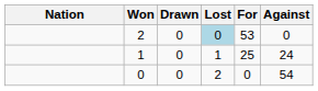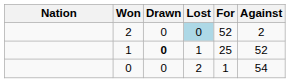 <table class="wikitable" style="margin-top:0.2em; text-align:center;">
 <tr>
 <th style="width:9em;">Nation</th>
 <th>Won</th>
 <th>Drawn</th>
 <th>Lost</th>
 <th>For</th>
 <th>Against</th>
 </tr>
 <tr>
 <td align=left></td>
 <td>2</td>
 <td>0</td>
 <td style="background: lightblue;">0</td>
-<td>53</td>
-<td>0</td>
+<td>52</td>
+<td>2</td>
 </tr>
 <tr>
 <td align=left></td>
 <td>1</td>
-<td>0</td>
+<td><strong>0</strong></td>
 <td>1</td>
 <td>25</td>
-<td>24</td>
+<td>52</td>
 </tr>
 <tr>
 <td align=left></td>
 <td>0</td>
 <td>0</td>
 <td>2</td>
-<td>0</td>
+<td>1</td>
 <td>54</td>
 </tr>
 </table>
